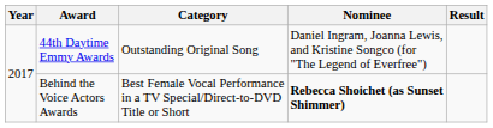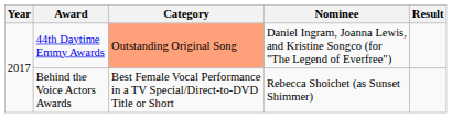 <table class="wikitable sortable">
 <tr>
 <th>Year</th>
 <th>Award</th>
 <th>Category</th>
 <th>Nominee</th>
 <th>Result</th>
 </tr>
 <tr>
 <td rowspan=2>2017</td>
 <td><a href='#'>44th Daytime Emmy Awards</a></td>
-<td>Outstanding Original Song</td>
+<td style="background: lightsalmon;">Outstanding Original Song</td>
 <td>Daniel Ingram, Joanna Lewis, and Kristine Songco (for "The Legend of Everfree")</td>
 <td></td>
 </tr>
 <tr>
 <td>Behind the Voice Actors Awards</td>
 <td>Best Female Vocal Performance in a TV Special/Direct-to-DVD Title or Short</td>
-<td><strong>Rebecca Shoichet (as Sunset Shimmer)</strong></td>
+<td>Rebecca Shoichet (as Sunset Shimmer)</td>
 <td></td>
 </tr>
 </table>
